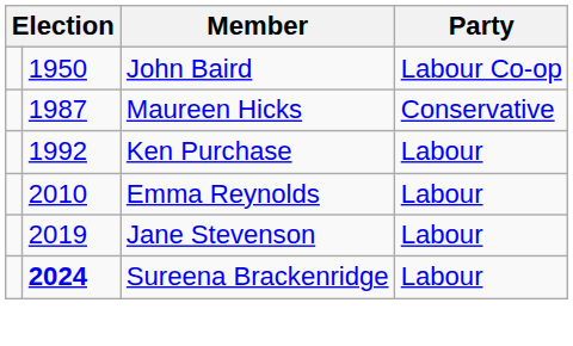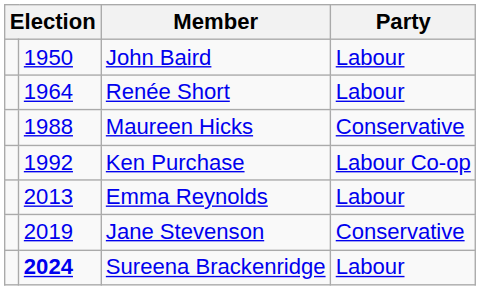 <table class="wikitable">
 <tr>
 <th colspan="2">Election</th>
 <th>Member</th>
 <th>Party</th>
 </tr>
 <tr>
 <td style="color:inherit;background-color: "></td>
 <td><a href='#'>1950</a></td>
 <td><a href='#'>John Baird</a></td>
-<td><a href='#'>Labour Co-op</a></td>
+<td><a href='#'>Labour</a></td>
 </tr>
 <tr>
 <td style="color:inherit;background-color: "></td>
-<td><a href='#'>1987</a></td>
+<td><a href='#'>1964</a></td>
+<td><a href='#'>Renée Short</a></td>
+<td><a href='#'>Labour</a></td>
+</tr>
+<tr>
+<td style="color:inherit;background-color: "></td>
+<td><a href='#'>1988</a></td>
 <td><a href='#'>Maureen Hicks</a></td>
 <td><a href='#'>Conservative</a></td>
 </tr>
 <tr>
 <td style="color:inherit;background-color: "></td>
 <td><a href='#'>1992</a></td>
 <td><a href='#'>Ken Purchase</a></td>
-<td><a href='#'>Labour</a></td>
+<td><a href='#'>Labour Co-op</a></td>
 </tr>
 <tr>
 <td style="color:inherit;background-color: "></td>
-<td><a href='#'>2010</a></td>
+<td><a href='#'>2013</a></td>
 <td><a href='#'>Emma Reynolds</a></td>
 <td><a href='#'>Labour</a></td>
 </tr>
 <tr>
 <td style="color:inherit;background-color: "></td>
 <td><a href='#'>2019</a></td>
 <td><a href='#'>Jane Stevenson</a></td>
-<td><a href='#'>Labour</a></td>
+<td><a href='#'>Conservative</a></td>
 </tr>
 <tr>
 <td style="color:inherit;background-color: "></td>
 <td><strong><a href='#'>2024</a></strong></td>
 <td><a href='#'>Sureena Brackenridge</a></td>
 <td><a href='#'>Labour</a></td>
 </tr>
 </table>
